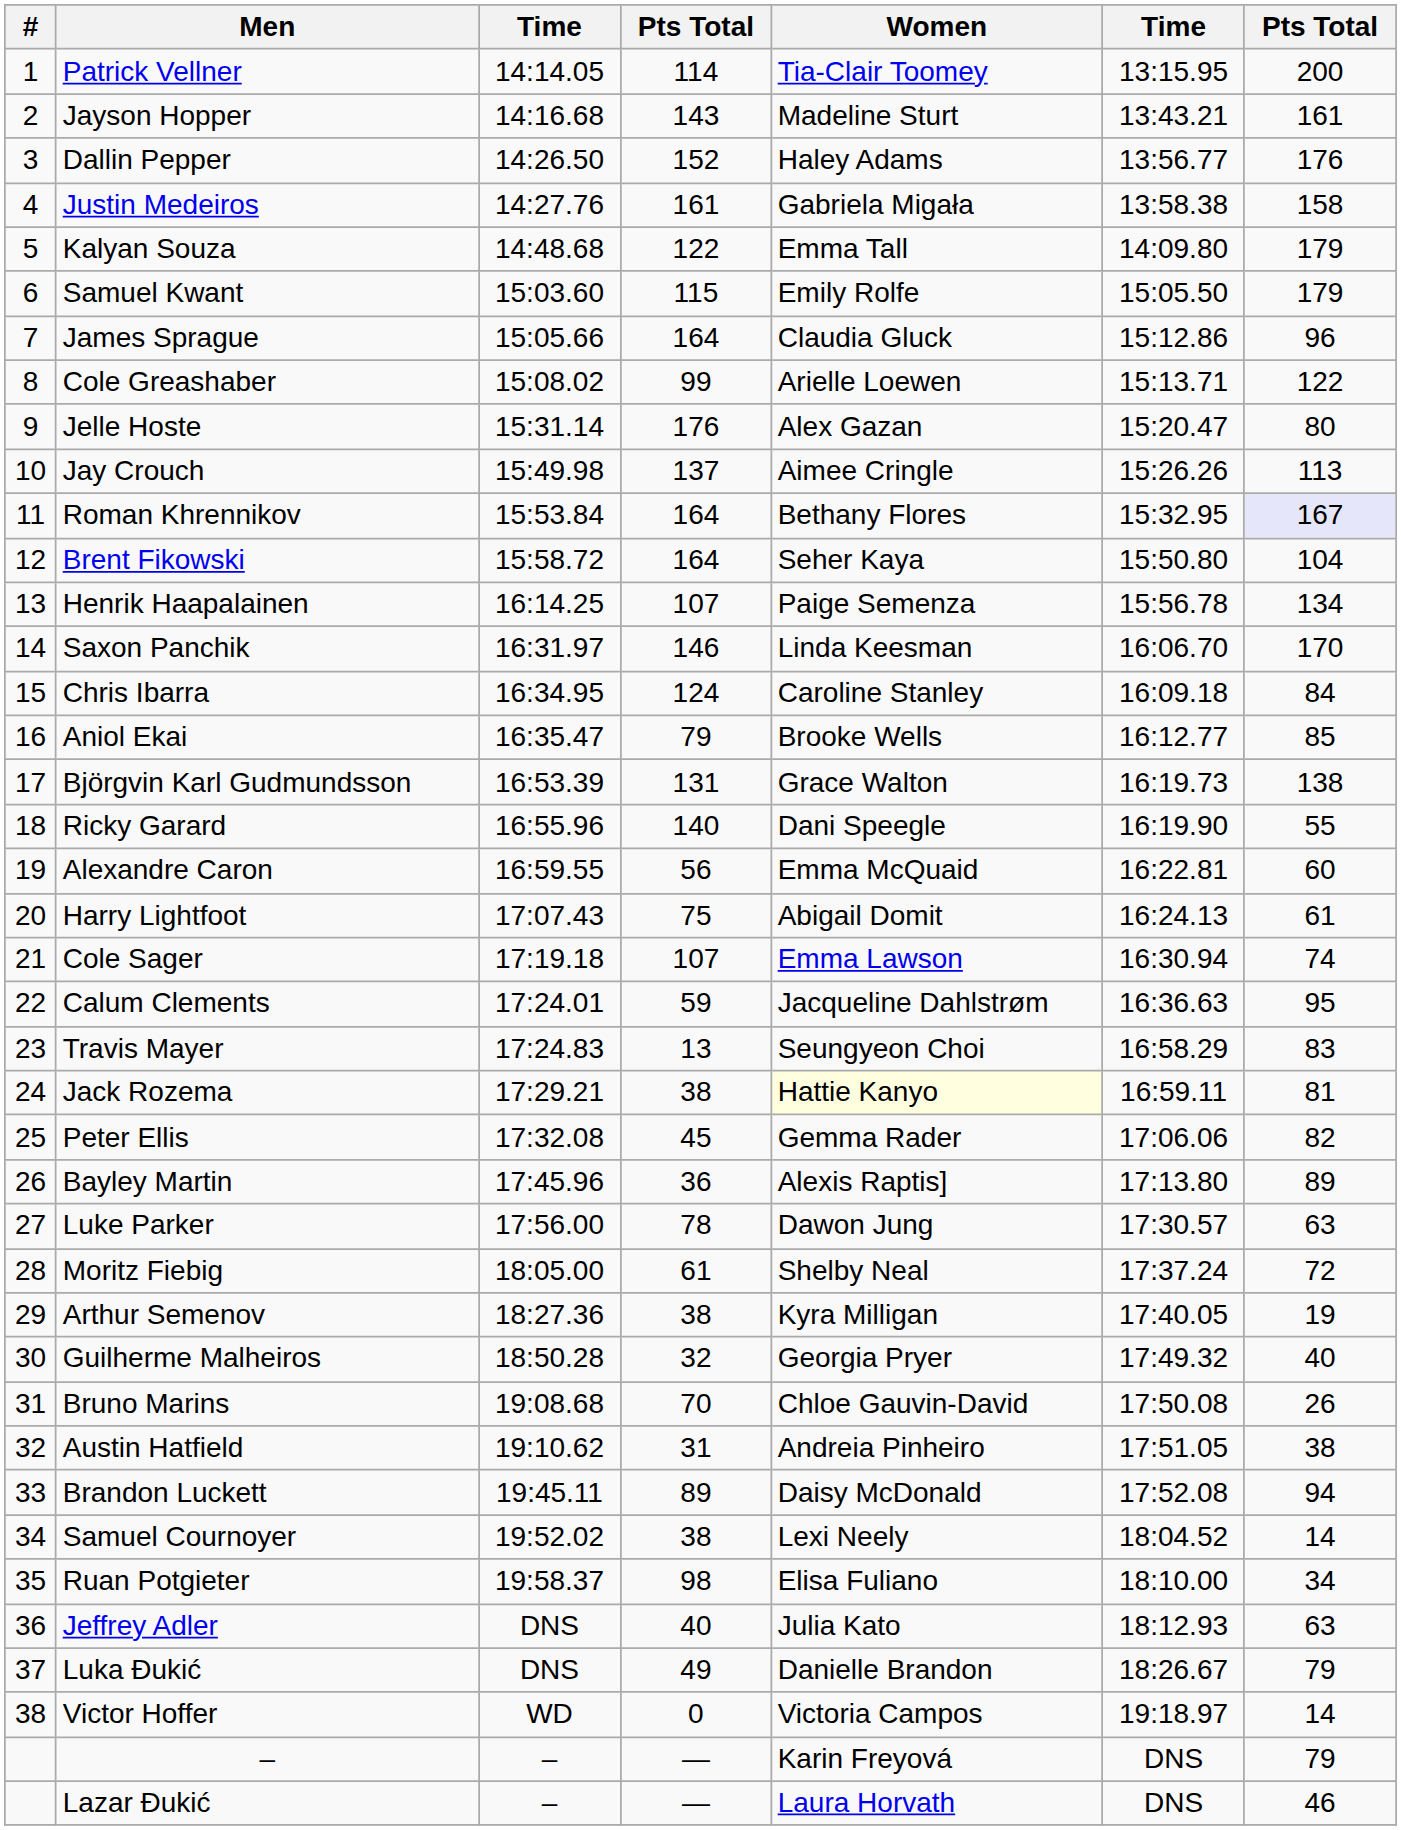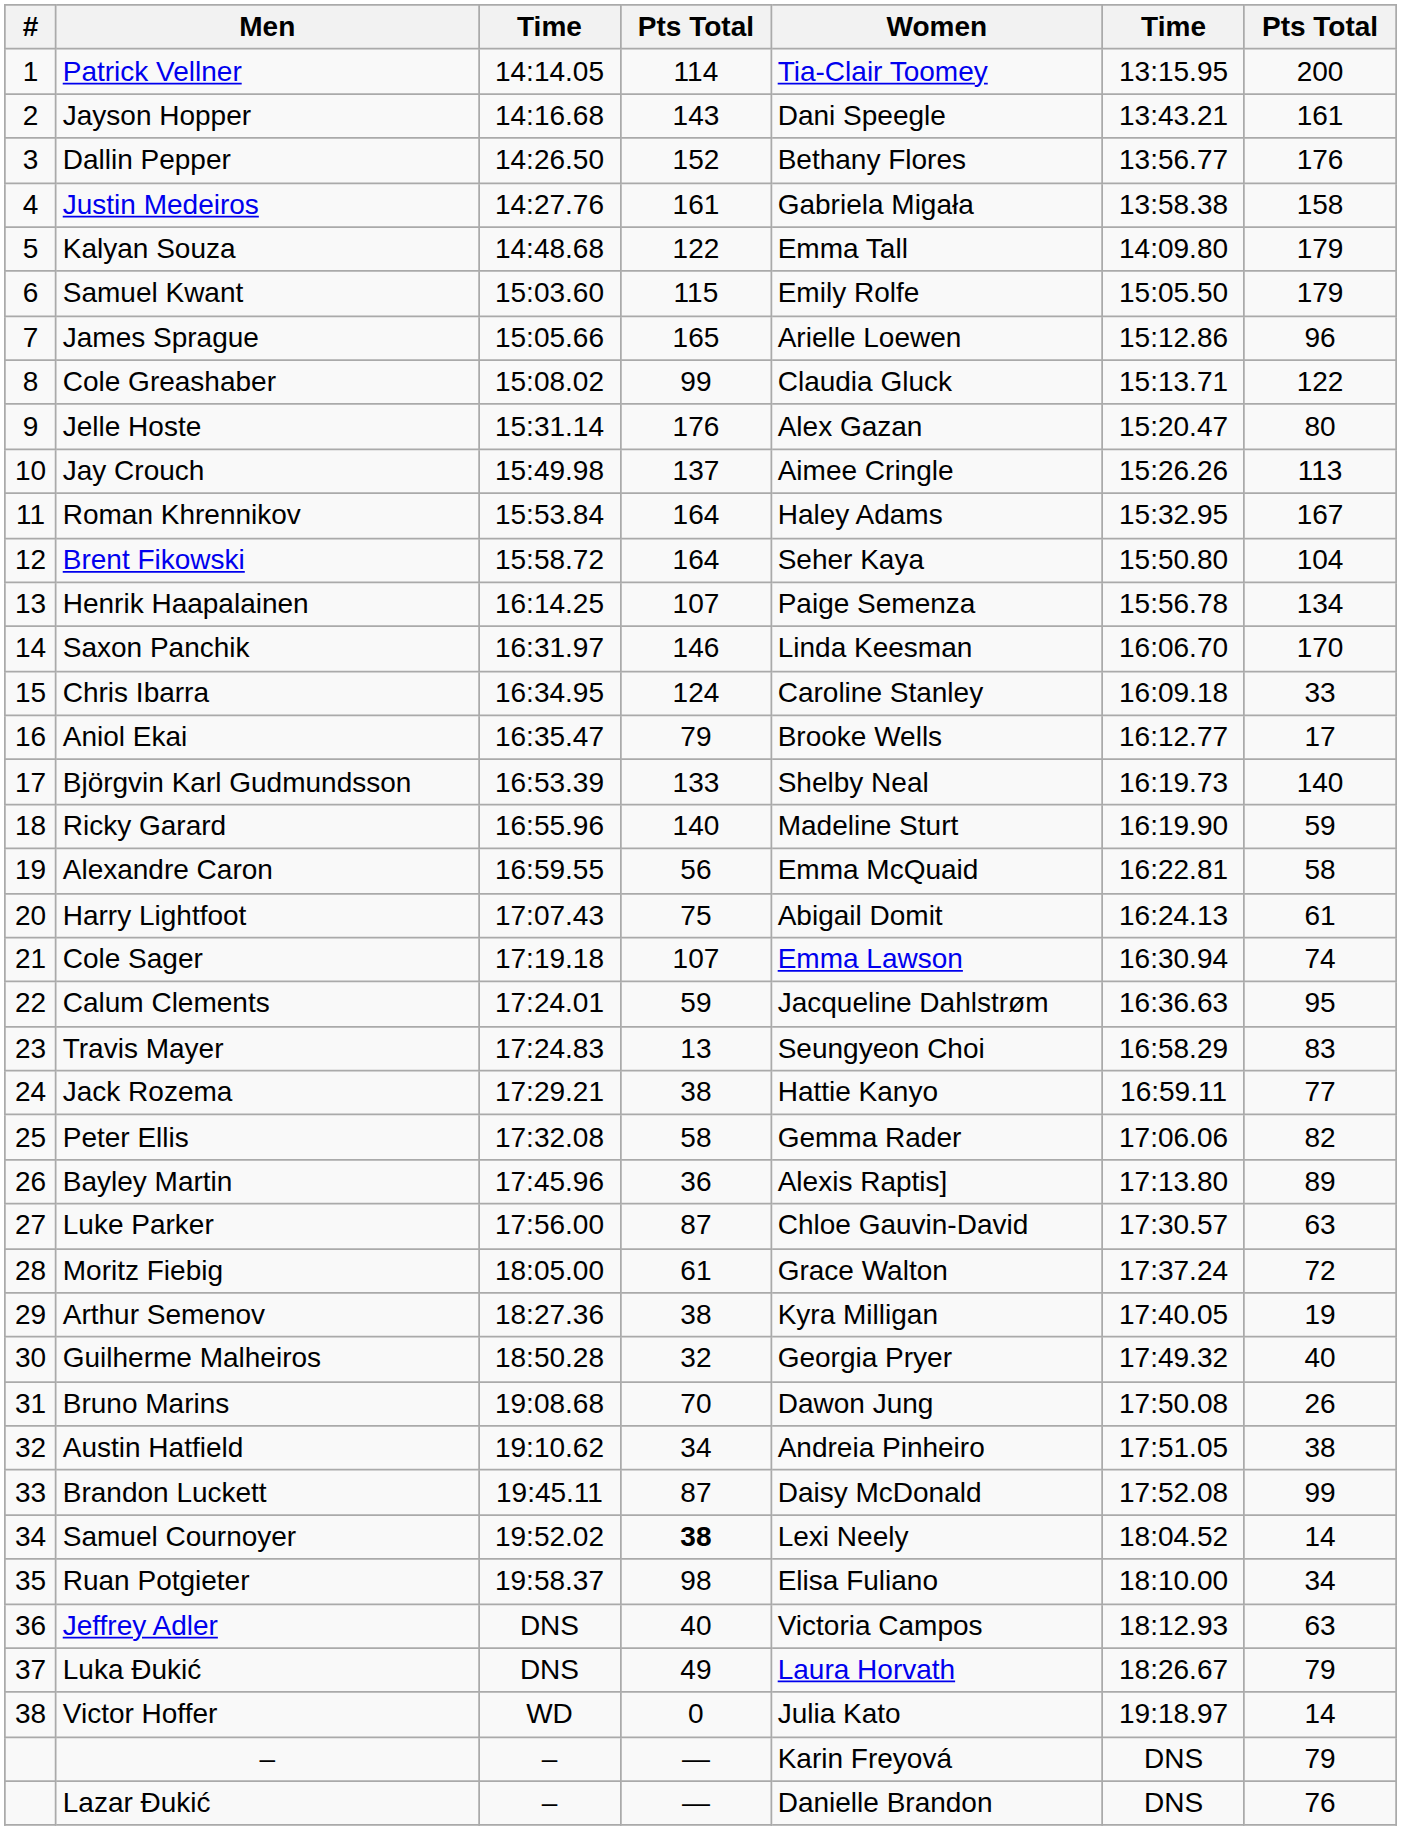 <table class="wikitable sortable" style="display: inline-table;width: 90%; text-align:center">
 <tr>
 <th>#</th>
 <th>Men</th>
 <th>Time</th>
 <th>Pts Total</th>
 <th>Women</th>
 <th>Time</th>
 <th>Pts Total</th>
 </tr>
 <tr>
 <td>1</td>
 <td align=left> <a href='#'>Patrick Vellner</a></td>
 <td>14:14.05</td>
 <td>114</td>
 <td align=left> <a href='#'>Tia-Clair Toomey</a></td>
 <td>13:15.95</td>
 <td>200</td>
 </tr>
 <tr>
 <td>2</td>
 <td align=left> Jayson Hopper</td>
 <td>14:16.68</td>
 <td>143</td>
-<td align=left> Madeline Sturt</td>
+<td align=left> Dani Speegle</td>
 <td>13:43.21</td>
 <td>161</td>
 </tr>
 <tr>
 <td>3</td>
 <td align=left> Dallin Pepper</td>
 <td>14:26.50</td>
 <td>152</td>
-<td align=left> Haley Adams</td>
+<td align=left> Bethany Flores</td>
 <td>13:56.77</td>
 <td>176</td>
 </tr>
 <tr>
 <td>4</td>
 <td align=left> <a href='#'>Justin Medeiros</a></td>
 <td>14:27.76</td>
 <td>161</td>
 <td align=left> Gabriela Migała</td>
 <td>13:58.38</td>
 <td>158</td>
 </tr>
 <tr>
 <td>5</td>
 <td align=left> Kalyan Souza</td>
 <td>14:48.68</td>
 <td>122</td>
 <td align=left> Emma Tall</td>
 <td>14:09.80</td>
 <td>179</td>
 </tr>
 <tr>
 <td>6</td>
 <td align=left> Samuel Kwant</td>
 <td>15:03.60</td>
 <td>115</td>
 <td align=left> Emily Rolfe</td>
 <td>15:05.50</td>
 <td>179</td>
 </tr>
 <tr>
 <td>7</td>
 <td align=left> James Sprague</td>
 <td>15:05.66</td>
-<td>164</td>
-<td align=left> Claudia Gluck</td>
+<td>165</td>
+<td align=left> Arielle Loewen</td>
 <td>15:12.86</td>
 <td>96</td>
 </tr>
 <tr>
 <td>8</td>
 <td align=left> Cole Greashaber</td>
 <td>15:08.02</td>
 <td>99</td>
-<td align=left> Arielle Loewen</td>
+<td align=left> Claudia Gluck</td>
 <td>15:13.71</td>
 <td>122</td>
 </tr>
 <tr>
 <td>9</td>
 <td align=left> Jelle Hoste</td>
 <td>15:31.14</td>
 <td>176</td>
 <td align=left> Alex Gazan</td>
 <td>15:20.47</td>
 <td>80</td>
 </tr>
 <tr>
 <td>10</td>
 <td align=left> Jay Crouch</td>
 <td>15:49.98</td>
 <td>137</td>
 <td align=left> Aimee Cringle</td>
 <td>15:26.26</td>
 <td>113</td>
 </tr>
 <tr>
 <td>11</td>
 <td align=left> Roman Khrennikov</td>
 <td>15:53.84</td>
 <td>164</td>
-<td align=left> Bethany Flores</td>
+<td align=left> Haley Adams</td>
 <td>15:32.95</td>
-<td style="background: lavender;">167</td>
+<td>167</td>
 </tr>
 <tr>
 <td>12</td>
 <td align=left> <a href='#'>Brent Fikowski</a></td>
 <td>15:58.72</td>
 <td>164</td>
 <td align=left> Seher Kaya</td>
 <td>15:50.80</td>
 <td>104</td>
 </tr>
 <tr>
 <td>13</td>
 <td align=left> Henrik Haapalainen</td>
 <td>16:14.25</td>
 <td>107</td>
 <td align=left> Paige Semenza</td>
 <td>15:56.78</td>
 <td>134</td>
 </tr>
 <tr>
 <td>14</td>
 <td align=left> Saxon Panchik</td>
 <td>16:31.97</td>
 <td>146</td>
 <td align=left> Linda Keesman</td>
 <td>16:06.70</td>
 <td>170</td>
 </tr>
 <tr>
 <td>15</td>
 <td align=left> Chris Ibarra</td>
 <td>16:34.95</td>
 <td>124</td>
 <td align=left> Caroline Stanley</td>
 <td>16:09.18</td>
-<td>84</td>
+<td>33</td>
 </tr>
 <tr>
 <td>16</td>
 <td align=left> Aniol Ekai</td>
 <td>16:35.47</td>
 <td>79</td>
 <td align=left> Brooke Wells</td>
 <td>16:12.77</td>
-<td>85</td>
+<td>17</td>
 </tr>
 <tr>
 <td>17</td>
 <td align=left> Björgvin Karl Gudmundsson</td>
 <td>16:53.39</td>
-<td>131</td>
-<td align=left> Grace Walton</td>
+<td>133</td>
+<td align=left> Shelby Neal</td>
 <td>16:19.73</td>
-<td>138</td>
+<td>140</td>
 </tr>
 <tr>
 <td>18</td>
 <td align=left> Ricky Garard</td>
 <td>16:55.96</td>
 <td>140</td>
-<td align=left> Dani Speegle</td>
+<td align=left> Madeline Sturt</td>
 <td>16:19.90</td>
-<td>55</td>
+<td>59</td>
 </tr>
 <tr>
 <td>19</td>
 <td align=left> Alexandre Caron</td>
 <td>16:59.55</td>
 <td>56</td>
 <td align=left> Emma McQuaid</td>
 <td>16:22.81</td>
-<td>60</td>
+<td>58</td>
 </tr>
 <tr>
 <td>20</td>
 <td align=left> Harry Lightfoot</td>
 <td>17:07.43</td>
 <td>75</td>
 <td align=left> Abigail Domit</td>
 <td>16:24.13</td>
 <td>61</td>
 </tr>
 <tr>
 <td>21</td>
 <td align=left> Cole Sager</td>
 <td>17:19.18</td>
 <td>107</td>
 <td align=left> <a href='#'>Emma Lawson</a></td>
 <td>16:30.94</td>
 <td>74</td>
 </tr>
 <tr>
 <td>22</td>
 <td align=left> Calum Clements</td>
 <td>17:24.01</td>
 <td>59</td>
 <td align=left> Jacqueline Dahlstrøm</td>
 <td>16:36.63</td>
 <td>95</td>
 </tr>
 <tr>
 <td>23</td>
 <td align=left> Travis Mayer</td>
 <td>17:24.83</td>
 <td>13</td>
 <td align=left> Seungyeon Choi</td>
 <td>16:58.29</td>
 <td>83</td>
 </tr>
 <tr>
 <td>24</td>
 <td align=left> Jack Rozema</td>
 <td>17:29.21</td>
 <td>38</td>
-<td align=left style="background: lightyellow;"> Hattie Kanyo</td>
+<td align=left> Hattie Kanyo</td>
 <td>16:59.11</td>
-<td>81</td>
+<td>77</td>
 </tr>
 <tr>
 <td>25</td>
 <td align=left> Peter Ellis</td>
 <td>17:32.08</td>
-<td>45</td>
+<td>58</td>
 <td align=left> Gemma Rader</td>
 <td>17:06.06</td>
 <td>82</td>
 </tr>
 <tr>
 <td>26</td>
 <td align=left> Bayley Martin</td>
 <td>17:45.96</td>
 <td>36</td>
 <td align=left> Alexis Raptis]</td>
 <td>17:13.80</td>
 <td>89</td>
 </tr>
 <tr>
 <td>27</td>
 <td align=left> Luke Parker</td>
 <td>17:56.00</td>
-<td>78</td>
-<td align=left> Dawon Jung</td>
+<td>87</td>
+<td align=left> Chloe Gauvin-David</td>
 <td>17:30.57</td>
 <td>63</td>
 </tr>
 <tr>
 <td>28</td>
 <td align=left> Moritz Fiebig</td>
 <td>18:05.00</td>
 <td>61</td>
-<td align=left> Shelby Neal</td>
+<td align=left> Grace Walton</td>
 <td>17:37.24</td>
 <td>72</td>
 </tr>
 <tr>
 <td>29</td>
 <td align=left> Arthur Semenov</td>
 <td>18:27.36</td>
 <td>38</td>
 <td align=left> Kyra Milligan</td>
 <td>17:40.05</td>
 <td>19</td>
 </tr>
 <tr>
 <td>30</td>
 <td align=left> Guilherme Malheiros</td>
 <td>18:50.28</td>
 <td>32</td>
 <td align=left> Georgia Pryer</td>
 <td>17:49.32</td>
 <td>40</td>
 </tr>
 <tr>
 <td>31</td>
 <td align=left> Bruno Marins</td>
 <td>19:08.68</td>
 <td>70</td>
-<td align=left> Chloe Gauvin-David</td>
+<td align=left> Dawon Jung</td>
 <td>17:50.08</td>
 <td>26</td>
 </tr>
 <tr>
 <td>32</td>
 <td align=left> Austin Hatfield</td>
 <td>19:10.62</td>
-<td>31</td>
+<td>34</td>
 <td align=left> Andreia Pinheiro</td>
 <td>17:51.05</td>
 <td>38</td>
 </tr>
 <tr>
 <td>33</td>
 <td align=left> Brandon Luckett</td>
 <td>19:45.11</td>
-<td>89</td>
+<td>87</td>
 <td align=left> Daisy McDonald</td>
 <td>17:52.08</td>
-<td>94</td>
+<td>99</td>
 </tr>
 <tr>
 <td>34</td>
 <td align=left> Samuel Cournoyer</td>
 <td>19:52.02</td>
-<td>38</td>
+<td><strong>38</strong></td>
 <td align=left> Lexi Neely</td>
 <td>18:04.52</td>
 <td>14</td>
 </tr>
 <tr>
 <td>35</td>
 <td align=left> Ruan Potgieter</td>
 <td>19:58.37</td>
 <td>98</td>
 <td align=left> Elisa Fuliano</td>
 <td>18:10.00</td>
 <td>34</td>
 </tr>
 <tr>
 <td>36</td>
 <td align=left> <a href='#'>Jeffrey Adler</a></td>
 <td>DNS</td>
 <td>40</td>
-<td align=left> Julia Kato</td>
+<td align=left> Victoria Campos</td>
 <td>18:12.93</td>
 <td>63</td>
 </tr>
 <tr>
 <td>37</td>
 <td align=left> Luka Đukić</td>
 <td>DNS</td>
 <td>49</td>
-<td align=left> Danielle Brandon</td>
+<td align=left> <a href='#'>Laura Horvath</a></td>
 <td>18:26.67</td>
 <td>79</td>
 </tr>
 <tr>
 <td>38</td>
 <td align=left> Victor Hoffer</td>
 <td>WD</td>
 <td>0</td>
-<td align=left> Victoria Campos</td>
+<td align=left> Julia Kato</td>
 <td>19:18.97</td>
 <td>14</td>
 </tr>
 <tr>
 <td></td>
 <td>–</td>
 <td>–</td>
 <td>—</td>
 <td align=left> Karin Freyová</td>
 <td>DNS</td>
 <td>79</td>
 </tr>
 <tr>
 <td></td>
 <td align=left> Lazar Đukić</td>
 <td>–</td>
 <td>—</td>
-<td align=left> <a href='#'>Laura Horvath</a></td>
+<td align=left> Danielle Brandon</td>
 <td>DNS</td>
-<td>46</td>
+<td>76</td>
 </tr>
 </table>
